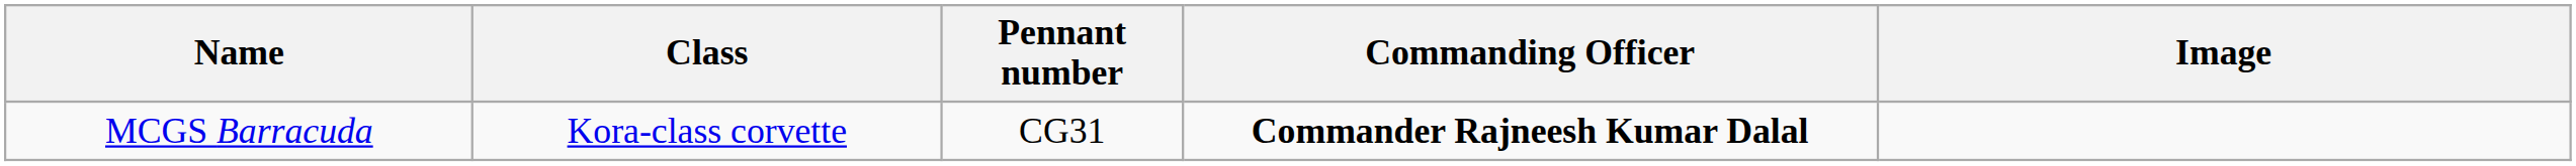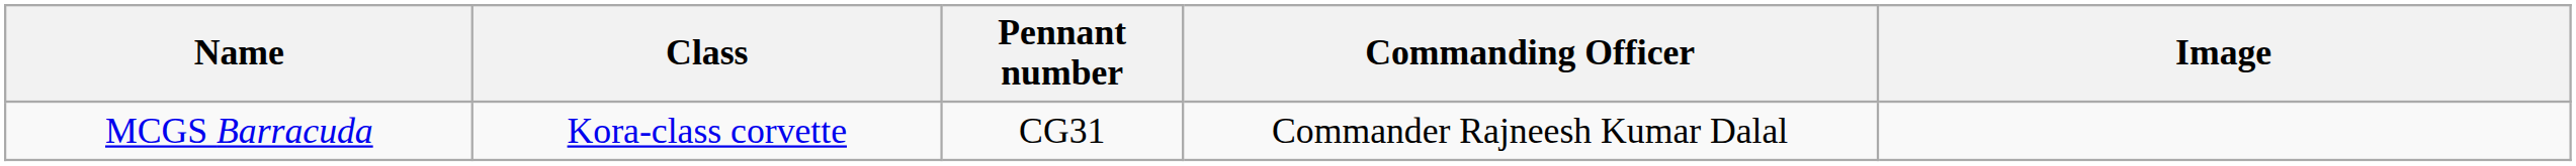 <table class="wikitable" style="text-align:center">
 <tr style="background:#cccccc">
 <th scope="col" style="width: 200px;">Name</th>
 <th scope="col" style="width: 200px;">Class</th>
 <th scope="col" style="width: 100px;">Pennant number</th>
 <th scope="col" style="width: 300px;">Commanding Officer</th>
 <th scope="col" style="width: 300px;">Image</th>
 </tr>
 <tr>
 <td><a href='#'>MCGS <em>Barracuda</em></a></td>
 <td><a href='#'>Kora-class corvette</a></td>
 <td>CG31</td>
-<td><strong>Commander Rajneesh Kumar Dalal</strong></td>
+<td>Commander Rajneesh Kumar Dalal</td>
 </tr>
 </table>
